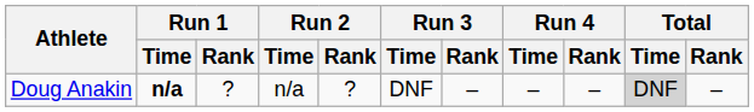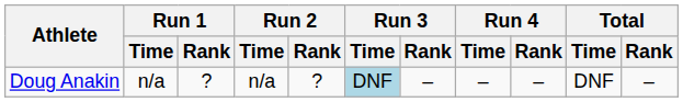 <table class="wikitable" border="1" style="font-size:90%">
 <tr>
 <th rowspan="2">Athlete</th>
 <th colspan="2">Run 1</th>
 <th colspan="2">Run 2</th>
 <th colspan="2">Run 3</th>
 <th colspan="2">Run 4</th>
 <th colspan="2">Total</th>
 </tr>
 <tr>
 <th>Time</th>
 <th>Rank</th>
 <th>Time</th>
 <th>Rank</th>
 <th>Time</th>
 <th>Rank</th>
 <th>Time</th>
 <th>Rank</th>
 <th>Time</th>
 <th>Rank</th>
 </tr>
 <tr>
 <td><a href='#'>Doug Anakin</a></td>
-<td align="center"><strong>n/a</strong></td>
+<td align="center">n/a</td>
 <td align="center">?</td>
 <td align="center">n/a</td>
 <td align="center">?</td>
-<td align="center">DNF</td>
+<td align="center" style="background: lightblue;">DNF</td>
 <td align="center">–</td>
 <td align="center">–</td>
 <td align="center">–</td>
-<td align="center" style="background: lightgrey;">DNF</td>
+<td align="center">DNF</td>
 <td align="center">–</td>
 </tr>
 </table>
